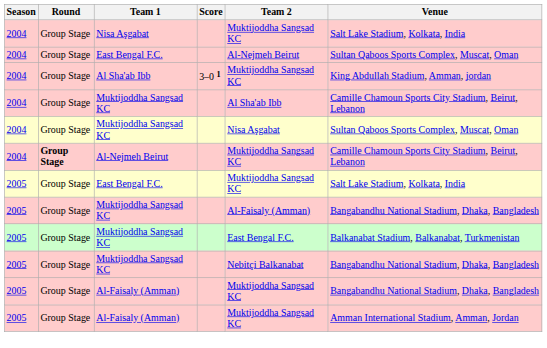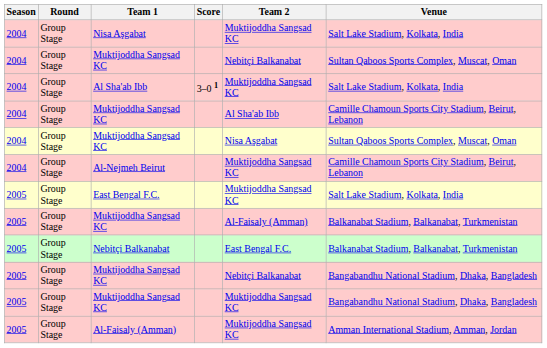 <table class="wikitable">
 <tr>
 <th>Season</th>
 <th>Round</th>
 <th>Team 1</th>
 <th>Score</th>
 <th>Team 2</th>
 <th>Venue</th>
 </tr>
 <tr style="background:#FFCCCC;">
 <td><a href='#'>2004</a></td>
 <td>Group Stage</td>
 <td> <a href='#'>Nisa Aşgabat</a></td>
 <td></td>
 <td> <a href='#'>Muktijoddha Sangsad KC</a></td>
 <td><a href='#'>Salt Lake Stadium</a>, <a href='#'>Kolkata</a>, <a href='#'>India</a></td>
 </tr>
 <tr style="background:#FFCCCC;">
 <td><a href='#'>2004</a></td>
 <td>Group Stage</td>
-<td> <a href='#'>East Bengal F.C.</a></td>
+<td> <a href='#'>Muktijoddha Sangsad KC</a></td>
 <td></td>
-<td> <a href='#'>Al-Nejmeh Beirut</a></td>
+<td> <a href='#'>Nebitçi Balkanabat</a></td>
 <td><a href='#'>Sultan Qaboos Sports Complex</a>, <a href='#'>Muscat</a>, <a href='#'>Oman</a></td>
 </tr>
 <tr style="background:#FFCCCC;">
 <td><a href='#'>2004</a></td>
 <td>Group Stage</td>
 <td> <a href='#'>Al Sha'ab Ibb</a></td>
 <td>3–0 <sup><strong>1</strong></sup></td>
 <td> <a href='#'>Muktijoddha Sangsad KC</a></td>
-<td><a href='#'>King Abdullah Stadium</a>, <a href='#'>Amman</a>, <a href='#'>jordan</a></td>
+<td><a href='#'>Salt Lake Stadium</a>, <a href='#'>Kolkata</a>, <a href='#'>India</a></td>
 </tr>
 <tr style="background:#FFCCCC;">
 <td><a href='#'>2004</a></td>
 <td>Group Stage</td>
 <td> <a href='#'>Muktijoddha Sangsad KC</a></td>
 <td></td>
 <td> <a href='#'>Al Sha'ab Ibb</a></td>
 <td><a href='#'>Camille Chamoun Sports City Stadium</a>, <a href='#'>Beirut</a>, <a href='#'>Lebanon</a></td>
 </tr>
 <tr style="background:#FFFFCC;">
 <td><a href='#'>2004</a></td>
 <td>Group Stage</td>
 <td> <a href='#'>Muktijoddha Sangsad KC</a></td>
 <td></td>
 <td> <a href='#'>Nisa Aşgabat</a></td>
 <td><a href='#'>Sultan Qaboos Sports Complex</a>, <a href='#'>Muscat</a>, <a href='#'>Oman</a></td>
 </tr>
 <tr style="background:#FFCCCC;">
 <td><a href='#'>2004</a></td>
-<td><strong>Group Stage</strong></td>
+<td>Group Stage</td>
 <td> <a href='#'>Al-Nejmeh Beirut</a></td>
 <td></td>
 <td> <a href='#'>Muktijoddha Sangsad KC</a></td>
 <td><a href='#'>Camille Chamoun Sports City Stadium</a>, <a href='#'>Beirut</a>, <a href='#'>Lebanon</a></td>
 </tr>
 <tr style="background:#FFFFCC;">
 <td><a href='#'>2005</a></td>
 <td>Group Stage</td>
 <td> <a href='#'>East Bengal F.C.</a></td>
 <td></td>
 <td> <a href='#'>Muktijoddha Sangsad KC</a></td>
 <td><a href='#'>Salt Lake Stadium</a>, <a href='#'>Kolkata</a>, <a href='#'>India</a></td>
 </tr>
 <tr style="background:#FFCCCC;">
 <td><a href='#'>2005</a></td>
 <td>Group Stage</td>
 <td> <a href='#'>Muktijoddha Sangsad KC</a></td>
 <td></td>
 <td> <a href='#'>Al-Faisaly (Amman)</a></td>
-<td><a href='#'>Bangabandhu National Stadium</a>, <a href='#'>Dhaka</a>, <a href='#'>Bangladesh</a></td>
+<td><a href='#'>Balkanabat Stadium</a>, <a href='#'>Balkanabat</a>, <a href='#'>Turkmenistan</a></td>
 </tr>
 <tr style="background:#CCFFCC;">
 <td><a href='#'>2005</a></td>
 <td>Group Stage</td>
-<td> <a href='#'>Muktijoddha Sangsad KC</a></td>
+<td> <a href='#'>Nebitçi Balkanabat</a></td>
 <td></td>
 <td> <a href='#'>East Bengal F.C.</a></td>
 <td><a href='#'>Balkanabat Stadium</a>, <a href='#'>Balkanabat</a>, <a href='#'>Turkmenistan</a></td>
 </tr>
 <tr style="background:#FFCCCC;">
 <td><a href='#'>2005</a></td>
 <td>Group Stage</td>
 <td> <a href='#'>Muktijoddha Sangsad KC</a></td>
 <td></td>
 <td> <a href='#'>Nebitçi Balkanabat</a></td>
 <td><a href='#'>Bangabandhu National Stadium</a>, <a href='#'>Dhaka</a>, <a href='#'>Bangladesh</a></td>
 </tr>
 <tr style="background:#FFCCCC;">
 <td><a href='#'>2005</a></td>
 <td>Group Stage</td>
-<td> <a href='#'>Al-Faisaly (Amman)</a></td>
+<td> <a href='#'>Muktijoddha Sangsad KC</a></td>
 <td></td>
 <td> <a href='#'>Muktijoddha Sangsad KC</a></td>
 <td><a href='#'>Bangabandhu National Stadium</a>, <a href='#'>Dhaka</a>, <a href='#'>Bangladesh</a></td>
 </tr>
 <tr style="background:#FFCCCC;">
 <td><a href='#'>2005</a></td>
 <td>Group Stage</td>
 <td> <a href='#'>Al-Faisaly (Amman)</a></td>
 <td></td>
 <td> <a href='#'>Muktijoddha Sangsad KC</a></td>
 <td><a href='#'>Amman International Stadium</a>, <a href='#'>Amman</a>, <a href='#'>Jordan</a></td>
 </tr>
 </table>
